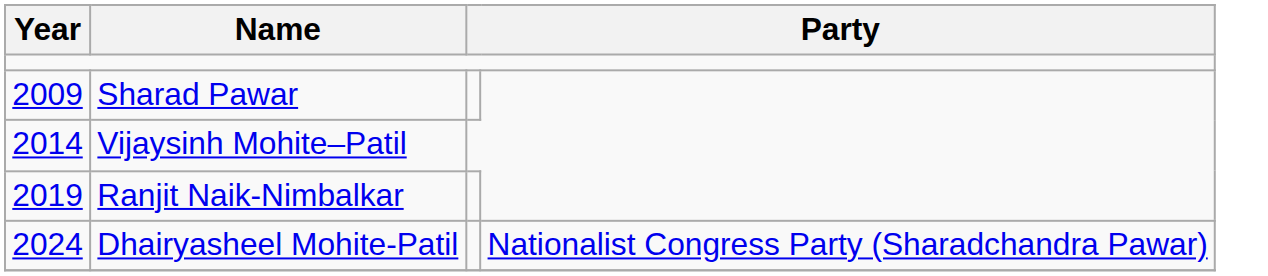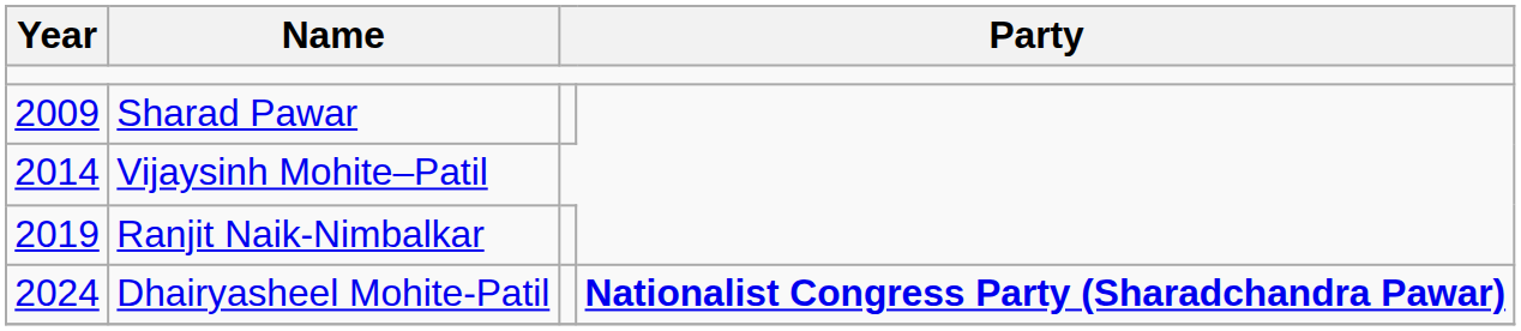 <table class="wikitable">
 <tr>
 <th>Year</th>
 <th>Name</th>
 <th colspan="2">Party</th>
 </tr>
 <tr>
 <td colspan="4"></td>
 </tr>
 <tr>
 <td><a href='#'>2009</a></td>
 <td><a href='#'>Sharad Pawar</a></td>
 <td></td>
 </tr>
 <tr>
 <td><a href='#'>2014</a></td>
 <td><a href='#'>Vijaysinh Mohite–Patil</a></td>
 </tr>
 <tr>
 <td><a href='#'>2019</a></td>
 <td><a href='#'>Ranjit Naik-Nimbalkar</a></td>
 <td></td>
 </tr>
 <tr>
 <td><a href='#'>2024</a></td>
 <td><a href='#'>Dhairyasheel Mohite-Patil</a></td>
 <td style="background-color: "></td>
-<td><a href='#'>Nationalist Congress Party (Sharadchandra Pawar)</a></td>
+<td><strong><a href='#'>Nationalist Congress Party (Sharadchandra Pawar)</a></strong></td>
 </tr>
 <tr>
 </tr>
 </table>
